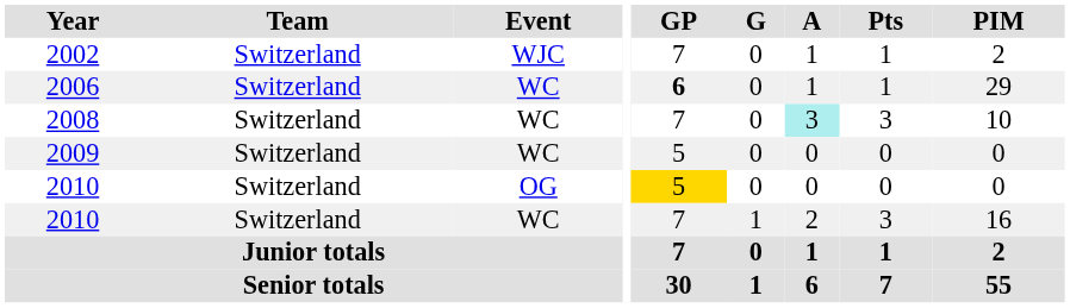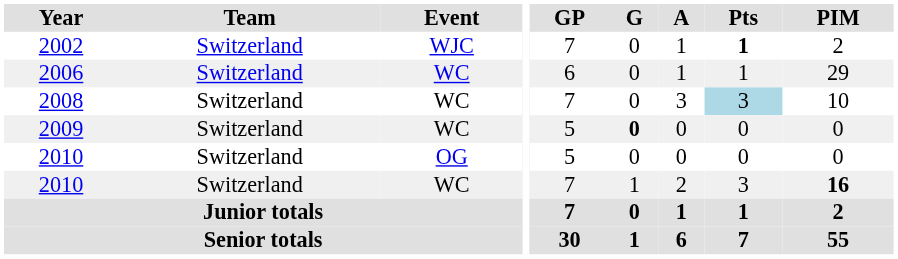 <table border="0" cellpadding="1" cellspacing="0" ID="Table3" style="text-align:center; width:40em">
 <tr ALIGN="center" bgcolor="#e0e0e0">
 <th>Year</th>
 <th>Team</th>
 <th>Event</th>
 <th rowspan="99" bgcolor="#ffffff"></th>
 <th>GP</th>
 <th>G</th>
 <th>A</th>
 <th>Pts</th>
 <th>PIM</th>
 </tr>
 <tr>
 <td><a href='#'>2002</a></td>
 <td><a href='#'>Switzerland</a></td>
 <td><a href='#'>WJC</a></td>
 <td>7</td>
 <td>0</td>
 <td>1</td>
-<td>1</td>
+<td><strong>1</strong></td>
 <td>2</td>
 </tr>
 <tr bgcolor="#f0f0f0">
 <td><a href='#'>2006</a></td>
 <td><a href='#'>Switzerland</a></td>
 <td><a href='#'>WC</a></td>
-<td><strong>6</strong></td>
+<td>6</td>
 <td>0</td>
 <td>1</td>
 <td>1</td>
 <td>29</td>
 </tr>
 <tr>
 <td><a href='#'>2008</a></td>
 <td>Switzerland</td>
 <td>WC</td>
 <td>7</td>
 <td>0</td>
-<td style="background: paleturquoise;">3</td>
 <td>3</td>
+<td style="background: lightblue;">3</td>
 <td>10</td>
 </tr>
 <tr bgcolor="#f0f0f0">
 <td><a href='#'>2009</a></td>
 <td>Switzerland</td>
 <td>WC</td>
 <td>5</td>
-<td>0</td>
+<td><strong>0</strong></td>
 <td>0</td>
 <td>0</td>
 <td>0</td>
 </tr>
 <tr>
 <td><a href='#'>2010</a></td>
 <td>Switzerland</td>
 <td><a href='#'>OG</a></td>
-<td style="background: gold;">5</td>
+<td>5</td>
 <td>0</td>
 <td>0</td>
 <td>0</td>
 <td>0</td>
 </tr>
 <tr bgcolor="#f0f0f0">
 <td><a href='#'>2010</a></td>
 <td>Switzerland</td>
 <td>WC</td>
 <td>7</td>
 <td>1</td>
 <td>2</td>
 <td>3</td>
-<td>16</td>
+<td><strong>16</strong></td>
 </tr>
 <tr style="background: #e0e0e0;">
 <th colspan="3">Junior totals</th>
 <th>7</th>
 <th>0</th>
 <th>1</th>
 <th>1</th>
 <th>2</th>
 </tr>
 <tr style="background: #e0e0e0;">
 <th colspan="3">Senior totals</th>
 <th>30</th>
 <th>1</th>
 <th>6</th>
 <th>7</th>
 <th>55</th>
 </tr>
 </table>
